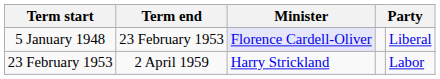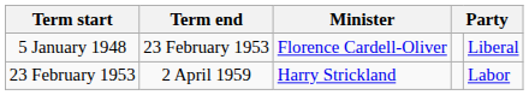 <table class="wikitable">
 <tr>
 <th>Term start</th>
 <th>Term end</th>
 <th>Minister</th>
 <th colspan="2">Party</th>
 </tr>
 <tr>
 <td align=center>5 January 1948</td>
 <td align=center>23 February 1953</td>
-<td style="background: lavender;"><a href='#'>Florence Cardell-Oliver</a></td>
+<td><a href='#'>Florence Cardell-Oliver</a></td>
 <td> </td>
 <td><a href='#'>Liberal</a></td>
 </tr>
 <tr>
 <td align=center>23 February 1953</td>
 <td align=center>2 April 1959</td>
 <td><a href='#'>Harry Strickland</a></td>
 <td> </td>
 <td><a href='#'>Labor</a></td>
 </tr>
 </table>
